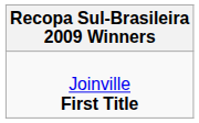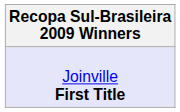 <table class="wikitable" style="text-align: center; margin: 0 auto;">
 <tr>
 <th>Recopa Sul-Brasileira<br>2009 Winners</th>
 </tr>
 <tr>
-<td><br> <a href='#'>Joinville</a><br><strong>First Title</strong></td>
+<td style="background: lavender;"><br> <a href='#'>Joinville</a><br><strong>First Title</strong></td>
 </tr>
 </table>
